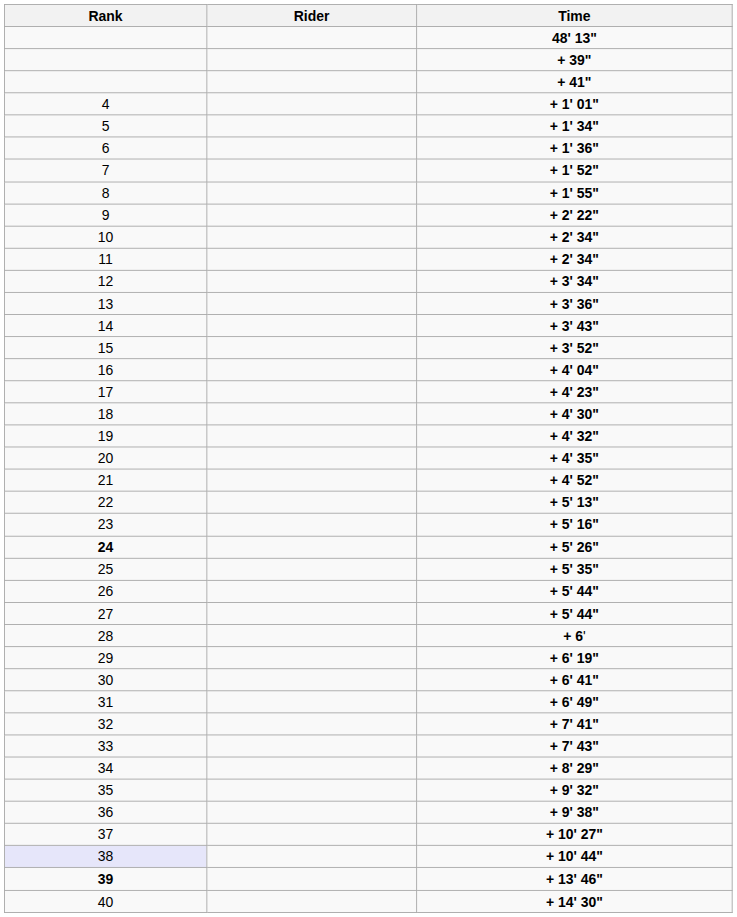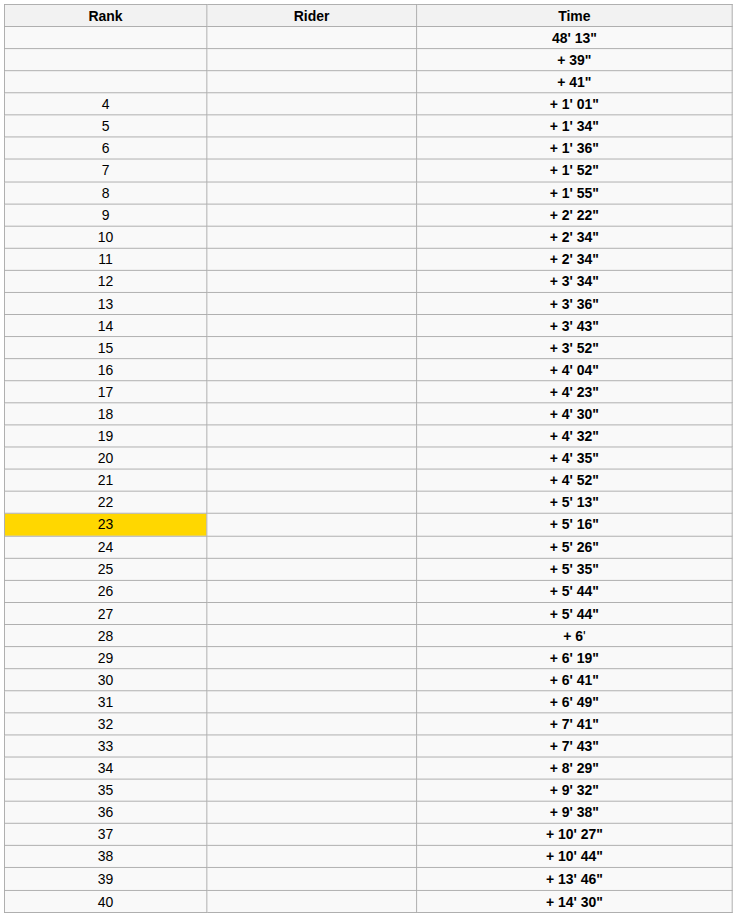 <table class=wikitable style="font-size:95%" width="50%">
 <tr>
 <th>Rank</th>
 <th>Rider</th>
 <th>Time</th>
 </tr>
 <tr>
 <td align="center"></td>
 <td></td>
 <td align="center"><strong>48' 13"</strong></td>
 </tr>
 <tr>
 <td align="center"></td>
 <td></td>
 <td align="center"><strong>+ 39"</strong></td>
 </tr>
 <tr>
 <td align="center"></td>
 <td></td>
 <td align="center"><strong>+ 41"</strong></td>
 </tr>
 <tr>
 <td align="center">4</td>
 <td></td>
 <td align="center"><strong>+ 1' 01"</strong></td>
 </tr>
 <tr>
 <td align="center">5</td>
 <td></td>
 <td align="center"><strong>+ 1' 34"</strong></td>
 </tr>
 <tr>
 <td align="center">6</td>
 <td></td>
 <td align="center"><strong>+ 1' 36"</strong></td>
 </tr>
 <tr>
 <td align="center">7</td>
 <td></td>
 <td align="center"><strong>+ 1' 52"</strong></td>
 </tr>
 <tr>
 <td align="center">8</td>
 <td></td>
 <td align="center"><strong>+ 1' 55"</strong></td>
 </tr>
 <tr>
 <td align="center">9</td>
 <td></td>
 <td align="center"><strong>+ 2' 22"</strong></td>
 </tr>
 <tr>
 <td align="center">10</td>
 <td></td>
 <td align="center"><strong>+ 2' 34"</strong></td>
 </tr>
 <tr>
 <td align="center">11</td>
 <td></td>
 <td align="center"><strong>+ 2' 34"</strong></td>
 </tr>
 <tr>
 <td align="center">12</td>
 <td></td>
 <td align="center"><strong>+ 3' 34"</strong></td>
 </tr>
 <tr>
 <td align="center">13</td>
 <td></td>
 <td align="center"><strong>+ 3' 36"</strong></td>
 </tr>
 <tr>
 <td align="center">14</td>
 <td></td>
 <td align="center"><strong>+ 3' 43"</strong></td>
 </tr>
 <tr>
 <td align="center">15</td>
 <td></td>
 <td align="center"><strong>+ 3' 52"</strong></td>
 </tr>
 <tr>
 <td align="center">16</td>
 <td></td>
 <td align="center"><strong>+ 4' 04"</strong></td>
 </tr>
 <tr>
 <td align="center">17</td>
 <td></td>
 <td align="center"><strong>+ 4' 23"</strong></td>
 </tr>
 <tr>
 <td align="center">18</td>
 <td></td>
 <td align="center"><strong>+ 4' 30"</strong></td>
 </tr>
 <tr>
 <td align="center">19</td>
 <td></td>
 <td align="center"><strong>+ 4' 32"</strong></td>
 </tr>
 <tr>
 <td align="center">20</td>
 <td></td>
 <td align="center"><strong>+ 4' 35"</strong></td>
 </tr>
 <tr>
 <td align="center">21</td>
 <td></td>
 <td align="center"><strong>+ 4' 52"</strong></td>
 </tr>
 <tr>
 <td align="center">22</td>
 <td></td>
 <td align="center"><strong>+ 5' 13"</strong></td>
 </tr>
 <tr>
-<td align="center">23</td>
+<td align="center" style="background: gold;">23</td>
 <td></td>
 <td align="center"><strong>+ 5' 16"</strong></td>
 </tr>
 <tr>
-<td align="center"><strong>24</strong></td>
+<td align="center">24</td>
 <td></td>
 <td align="center"><strong>+ 5' 26"</strong></td>
 </tr>
 <tr>
 <td align="center">25</td>
 <td></td>
 <td align="center"><strong>+ 5' 35"</strong></td>
 </tr>
 <tr>
 <td align="center">26</td>
 <td></td>
 <td align="center"><strong>+ 5' 44"</strong></td>
 </tr>
 <tr>
 <td align="center">27</td>
 <td></td>
 <td align="center"><strong>+ 5' 44"</strong></td>
 </tr>
 <tr>
 <td align="center">28</td>
 <td></td>
 <td align="center"><strong>+ 6</strong>'</td>
 </tr>
 <tr>
 <td align="center">29</td>
 <td></td>
 <td align="center"><strong>+ 6' 19"</strong></td>
 </tr>
 <tr>
 <td align="center">30</td>
 <td></td>
 <td align="center"><strong>+ 6' 41"</strong></td>
 </tr>
 <tr>
 <td align="center">31</td>
 <td></td>
 <td align="center"><strong>+ 6' 49"</strong></td>
 </tr>
 <tr>
 <td align="center">32</td>
 <td></td>
 <td align="center"><strong>+ 7' 41"</strong></td>
 </tr>
 <tr>
 <td align="center">33</td>
 <td></td>
 <td align="center"><strong>+ 7' 43"</strong></td>
 </tr>
 <tr>
 <td align="center">34</td>
 <td></td>
 <td align="center"><strong>+ 8' 29"</strong></td>
 </tr>
 <tr>
 <td align="center">35</td>
 <td></td>
 <td align="center"><strong>+ 9' 32"</strong></td>
 </tr>
 <tr>
 <td align="center">36</td>
 <td></td>
 <td align="center"><strong>+ 9' 38"</strong></td>
 </tr>
 <tr>
 <td align="center">37</td>
 <td></td>
 <td align="center"><strong>+ 10' 27"</strong></td>
 </tr>
 <tr>
-<td align="center" style="background: lavender;">38</td>
+<td align="center">38</td>
 <td></td>
 <td align="center"><strong>+ 10' 44"</strong></td>
 </tr>
 <tr>
-<td align="center"><strong>39</strong></td>
+<td align="center">39</td>
 <td></td>
 <td align="center"><strong>+ 13' 46"</strong></td>
 </tr>
 <tr>
 <td align="center">40</td>
 <td></td>
 <td align="center"><strong>+ 14' 30"</strong></td>
 </tr>
 </table>
